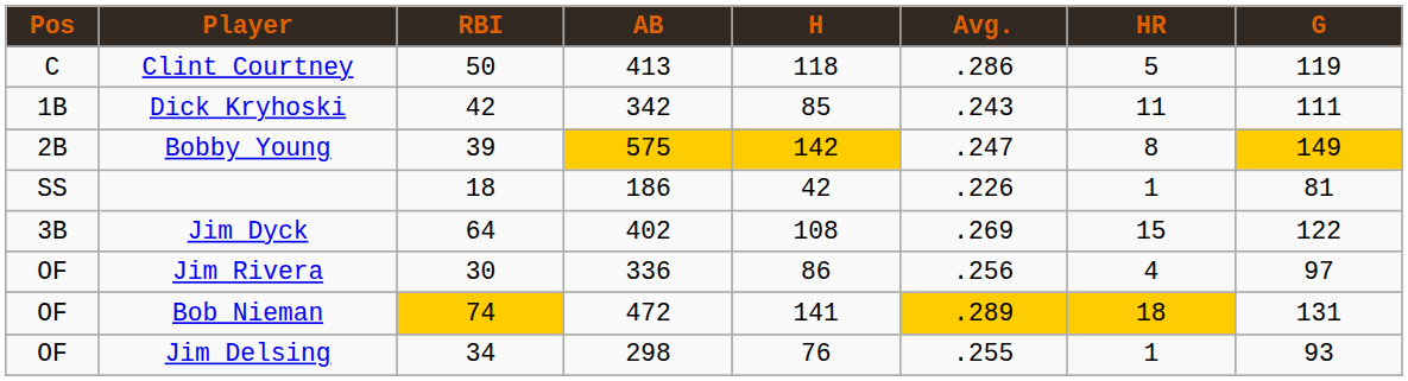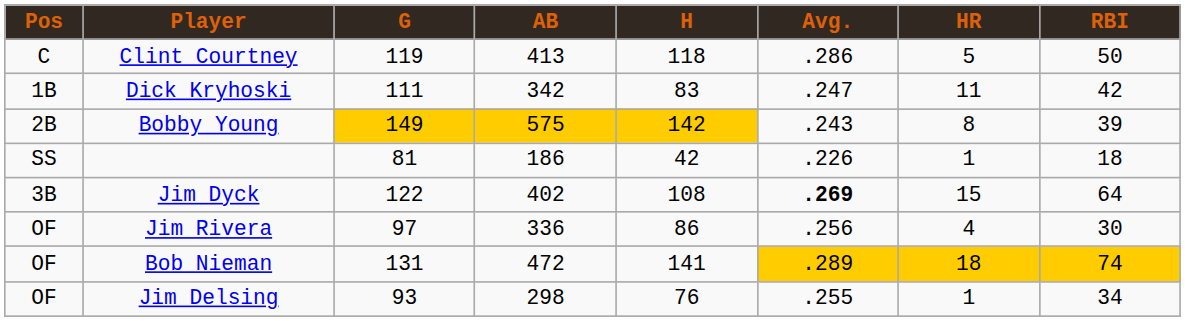 <table class="wikitable sortable">
 <tr>
 <th style="background:#312821;color:#de6108;" width="5%">Pos</th>
 <th style="background:#312821;color:#de6108;" width="16%">Player</th>
-<th style="background:#312821;color:#de6108;" width="9%">RBI</th>
+<th style="background:#312821;color:#de6108;" width="9%">G</th>
 <th style="background:#312821;color:#de6108;" width="9%">AB</th>
 <th style="background:#312821;color:#de6108;" width="9%">H</th>
 <th style="background:#312821;color:#de6108;" width="9%">Avg.</th>
 <th style="background:#312821;color:#de6108;" width="9%">HR</th>
-<th style="background:#312821;color:#de6108;" width="9%">G</th>
+<th style="background:#312821;color:#de6108;" width="9%">RBI</th>
 </tr>
 <tr align="center">
 <td>C</td>
 <td><a href='#'>Clint Courtney</a></td>
-<td>50</td>
+<td>119</td>
 <td>413</td>
 <td>118</td>
 <td>.286</td>
 <td>5</td>
-<td>119</td>
+<td>50</td>
 </tr>
 <tr align=center>
 <td>1B</td>
 <td><a href='#'>Dick Kryhoski</a></td>
+<td>111</td>
+<td>342</td>
+<td>83</td>
+<td>.247</td>
+<td>11</td>
 <td>42</td>
-<td>342</td>
-<td>85</td>
-<td>.243</td>
-<td>11</td>
-<td>111</td>
 </tr>
 <tr align=center>
 <td>2B</td>
 <td><a href='#'>Bobby Young</a></td>
-<td>39</td>
+<td style="background:#fc0;">149</td>
 <td style="background:#fc0;">575</td>
 <td style="background:#fc0;">142</td>
-<td>.247</td>
+<td>.243</td>
 <td>8</td>
-<td style="background:#fc0;">149</td>
+<td>39</td>
 </tr>
 <tr align=center>
 <td>SS</td>
 <td></td>
-<td>18</td>
+<td>81</td>
 <td>186</td>
 <td>42</td>
 <td>.226</td>
 <td>1</td>
-<td>81</td>
+<td>18</td>
 </tr>
 <tr align="center">
 <td>3B</td>
 <td><a href='#'>Jim Dyck</a></td>
-<td>64</td>
+<td>122</td>
 <td>402</td>
 <td>108</td>
-<td>.269</td>
+<td><strong>.269</strong></td>
 <td>15</td>
-<td>122</td>
+<td>64</td>
 </tr>
 <tr align=center>
 <td>OF</td>
 <td><a href='#'>Jim Rivera</a></td>
-<td>30</td>
+<td>97</td>
 <td>336</td>
 <td>86</td>
 <td>.256</td>
 <td>4</td>
-<td>97</td>
+<td>30</td>
 </tr>
 <tr align=center>
 <td>OF</td>
 <td><a href='#'>Bob Nieman</a></td>
-<td style="background:#fc0;">74</td>
+<td>131</td>
 <td>472</td>
 <td>141</td>
 <td style="background:#fc0;">.289</td>
 <td style="background:#fc0;">18</td>
-<td>131</td>
+<td style="background:#fc0;">74</td>
 </tr>
 <tr align=center>
 <td>OF</td>
 <td><a href='#'>Jim Delsing</a></td>
-<td>34</td>
+<td>93</td>
 <td>298</td>
 <td>76</td>
 <td>.255</td>
 <td>1</td>
-<td>93</td>
+<td>34</td>
 </tr>
 </table>
